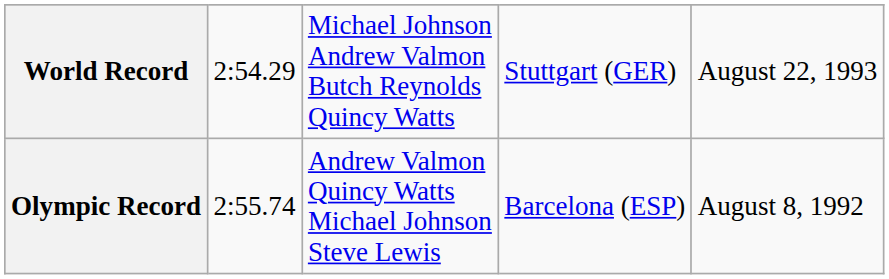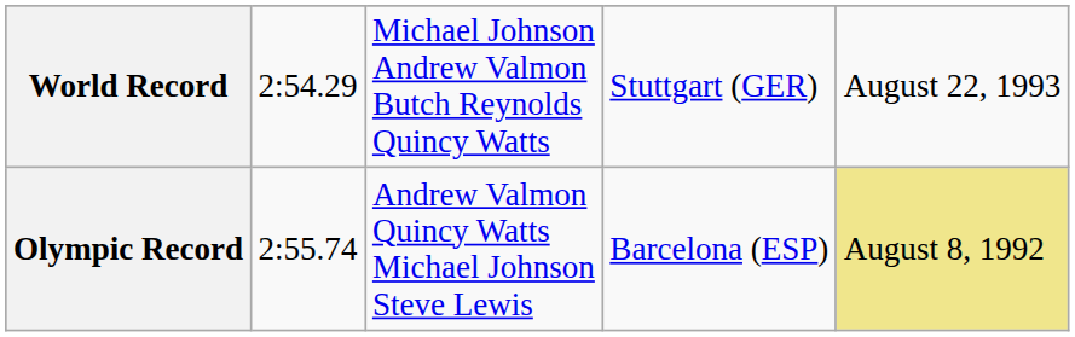 <table class="wikitable" style="text-align:left">
 <tr>
 <th>World Record</th>
 <td>2:54.29</td>
 <td> <a href='#'>Michael Johnson</a><br> <a href='#'>Andrew Valmon</a><br> <a href='#'>Butch Reynolds</a><br> <a href='#'>Quincy Watts</a></td>
 <td><a href='#'>Stuttgart</a> (<a href='#'>GER</a>)</td>
 <td>August 22, 1993</td>
 </tr>
 <tr>
 <th>Olympic Record</th>
 <td>2:55.74</td>
 <td> <a href='#'>Andrew Valmon</a><br> <a href='#'>Quincy Watts</a><br> <a href='#'>Michael Johnson</a><br> <a href='#'>Steve Lewis</a></td>
 <td><a href='#'>Barcelona</a> (<a href='#'>ESP</a>)</td>
-<td>August 8, 1992</td>
+<td style="background: khaki;">August 8, 1992</td>
 </tr>
 </table>
